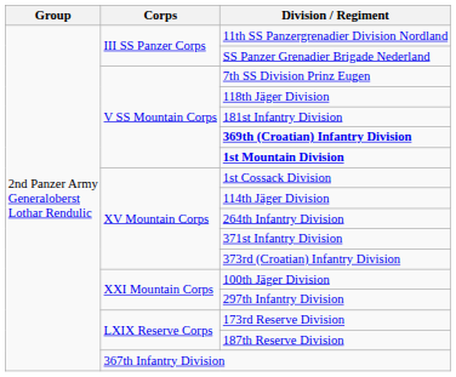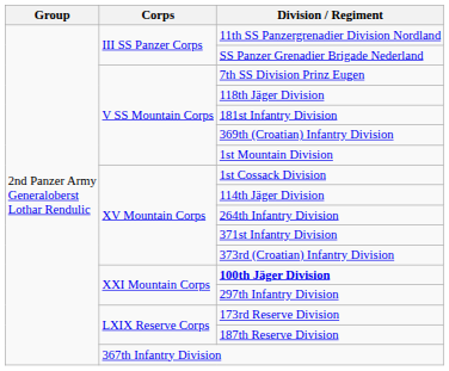 <table class="wikitable" style=text-align: center;>
 <tr>
 <th>Group</th>
 <th>Corps</th>
 <th>Division / Regiment</th>
 </tr>
 <tr>
 <td ROWSPAN=17>2nd Panzer Army <br><a href='#'>Generaloberst</a><br><a href='#'>Lothar Rendulic</a></td>
 <td ROWSPAN=2><a href='#'>III SS Panzer Corps</a></td>
 <td><a href='#'>11th SS Panzergrenadier Division Nordland</a></td>
 </tr>
 <tr>
 <td><a href='#'>SS Panzer Grenadier Brigade Nederland</a></td>
 </tr>
 <tr>
 <td ROWSPAN=5><a href='#'>V SS Mountain Corps</a></td>
 <td><a href='#'>7th SS Division Prinz Eugen</a></td>
 </tr>
 <tr>
 <td><a href='#'>118th Jäger Division</a></td>
 </tr>
 <tr>
 <td><a href='#'>181st Infantry Division</a></td>
 </tr>
 <tr>
-<td><strong><a href='#'>369th (Croatian) Infantry Division</a></strong></td>
+<td><a href='#'>369th (Croatian) Infantry Division</a></td>
 </tr>
 <tr>
-<td><strong><a href='#'>1st Mountain Division</a></strong></td>
+<td><a href='#'>1st Mountain Division</a></td>
 </tr>
 <tr>
 <td ROWSPAN=5><a href='#'>XV Mountain Corps</a></td>
 <td><a href='#'>1st Cossack Division</a></td>
 </tr>
 <tr>
 <td><a href='#'>114th Jäger Division</a></td>
 </tr>
 <tr>
 <td><a href='#'>264th Infantry Division</a></td>
 </tr>
 <tr>
 <td><a href='#'>371st Infantry Division</a></td>
 </tr>
 <tr>
 <td><a href='#'>373rd (Croatian) Infantry Division</a></td>
 </tr>
 <tr>
 <td ROWSPAN=2><a href='#'>XXI Mountain Corps</a></td>
-<td><a href='#'>100th Jäger Division</a></td>
+<td><strong><a href='#'>100th Jäger Division</a></strong></td>
 </tr>
 <tr>
 <td><a href='#'>297th Infantry Division</a></td>
 </tr>
 <tr>
 <td ROWSPAN=2><a href='#'>LXIX Reserve Corps</a></td>
 <td><a href='#'>173rd Reserve Division</a></td>
 </tr>
 <tr>
 <td><a href='#'>187th Reserve Division</a></td>
 </tr>
 <tr>
 <td COLSPAN=2><a href='#'>367th Infantry Division</a></td>
 </tr>
 </table>
